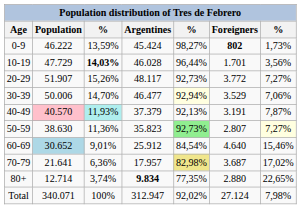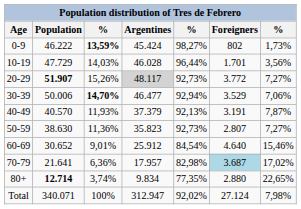 <table class="wikitable" style="text-align:center;font-size:90%;">
 <tr>
 <th colspan="7" style="background: LightSteelBlue;">Population distribution of Tres de Febrero</th>
 </tr>
 <tr>
 <th>Age</th>
 <th>Population</th>
 <th>%</th>
 <th>Argentines</th>
 <th>%</th>
 <th>Foreigners</th>
 <th>%</th>
 </tr>
 <tr>
 <td>0-9</td>
 <td>46.222</td>
-<td>13,59%</td>
+<td><strong>13,59%</strong></td>
 <td>45.424</td>
 <td>98,27%</td>
-<td><strong>802</strong></td>
+<td>802</td>
 <td>1,73%</td>
 </tr>
 <tr>
 <td>10-19</td>
 <td>47.729</td>
-<td><strong>14,03%</strong></td>
+<td>14,03%</td>
 <td>46.028</td>
 <td>96,44%</td>
 <td>1.701</td>
 <td>3,56%</td>
 </tr>
 <tr>
 <td>20-29</td>
-<td>51.907</td>
+<td><strong>51.907</strong></td>
 <td>15,26%</td>
-<td>48.117</td>
+<td style="background: lightgrey;">48.117</td>
 <td>92,73%</td>
 <td>3.772</td>
 <td>7,27%</td>
 </tr>
 <tr>
 <td>30-39</td>
 <td>50.006</td>
-<td>14,70%</td>
+<td><strong>14,70%</strong></td>
 <td>46.477</td>
-<td style="background: lightyellow;">92,94%</td>
+<td>92,94%</td>
 <td>3.529</td>
 <td>7,06%</td>
 </tr>
 <tr>
 <td>40-49</td>
-<td style="background: pink;">40.570</td>
-<td style="background: paleturquoise;">11,93%</td>
+<td>40.570</td>
+<td>11,93%</td>
 <td>37.379</td>
 <td>92,13%</td>
 <td>3.191</td>
 <td>7,87%</td>
 </tr>
 <tr>
 <td>50-59</td>
 <td>38.630</td>
 <td>11,36%</td>
 <td>35.823</td>
-<td style="background: lightgreen;">92,73%</td>
+<td>92,73%</td>
 <td>2.807</td>
-<td style="background: lightyellow;">7,27%</td>
+<td>7,27%</td>
 </tr>
 <tr>
 <td>60-69</td>
-<td style="background: lightblue;">30.652</td>
+<td>30.652</td>
 <td>9,01%</td>
 <td>25.912</td>
 <td>84,54%</td>
 <td>4.640</td>
 <td>15,46%</td>
 </tr>
 <tr>
 <td>70-79</td>
 <td>21.641</td>
 <td>6,36%</td>
 <td>17.957</td>
-<td style="background: khaki;">82,98%</td>
-<td>3.687</td>
+<td>82,98%</td>
+<td style="background: lightblue;">3.687</td>
 <td>17,02%</td>
 </tr>
 <tr>
 <td>80+</td>
-<td>12.714</td>
+<td><strong>12.714</strong></td>
 <td>3,74%</td>
-<td><strong>9.834</strong></td>
+<td>9.834</td>
 <td>77,35%</td>
 <td>2.880</td>
 <td>22,65%</td>
 </tr>
 <tr>
 <td>Total</td>
 <td>340.071</td>
 <td>100%</td>
 <td>312.947</td>
 <td>92,02%</td>
 <td>27.124</td>
 <td>7,98%</td>
 </tr>
 </table>
